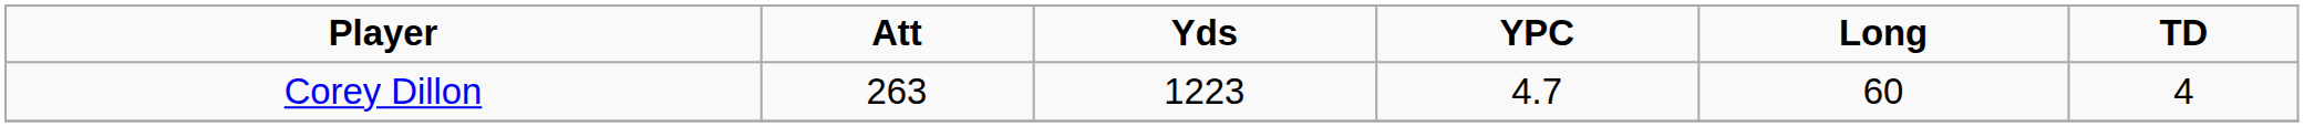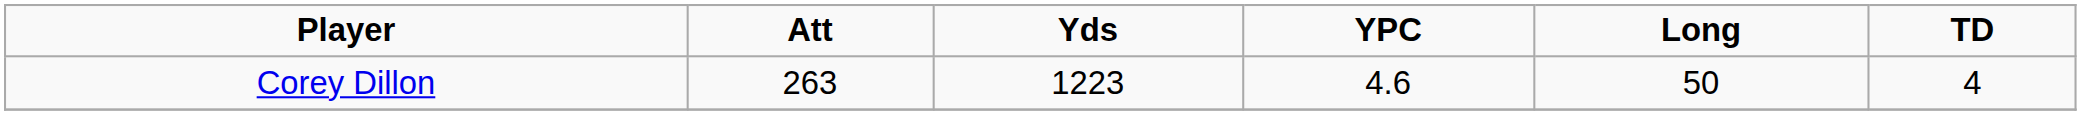 <table class="wikitable" width="80%">
 <tr align="center">
 <td><strong>Player</strong></td>
 <td><strong>Att</strong></td>
 <td><strong>Yds</strong></td>
 <td><strong>YPC</strong></td>
 <td><strong>Long</strong></td>
 <td><strong>TD</strong></td>
 </tr>
 <tr align="center" bgcolor="">
 <td><a href='#'>Corey Dillon</a></td>
 <td>263</td>
 <td>1223</td>
-<td>4.7</td>
-<td>60</td>
+<td>4.6</td>
+<td>50</td>
 <td>4</td>
 </tr>
 <tr align="center" bgcolor="">
 </tr>
 </table>
